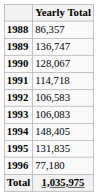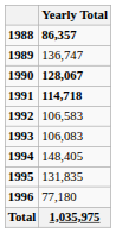 <table class="wikitable">
 <tr>
 <th></th>
 <th>Yearly Total</th>
 </tr>
 <tr>
 <td><strong>1988</strong></td>
-<td>86,357</td>
+<td><strong>86,357</strong></td>
 </tr>
 <tr>
 <td><strong>1989</strong></td>
 <td>136,747</td>
 </tr>
 <tr>
 <td><strong>1990</strong></td>
-<td>128,067</td>
+<td><strong>128,067</strong></td>
 </tr>
 <tr>
 <td><strong>1991</strong></td>
-<td>114,718</td>
+<td><strong>114,718</strong></td>
 </tr>
 <tr>
 <td><strong>1992</strong></td>
 <td>106,583</td>
 </tr>
 <tr>
 <td><strong>1993</strong></td>
 <td>106,083</td>
 </tr>
 <tr>
 <td><strong>1994</strong></td>
 <td>148,405</td>
 </tr>
 <tr>
 <td><strong>1995</strong></td>
 <td>131,835</td>
 </tr>
 <tr>
 <td><strong>1996</strong></td>
 <td>77,180</td>
 </tr>
 <tr>
 <th><strong>Total</strong></th>
 <th><strong><u>1,035,975</u></strong></th>
 </tr>
 </table>
